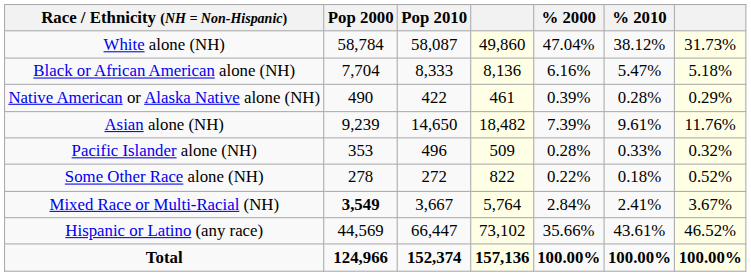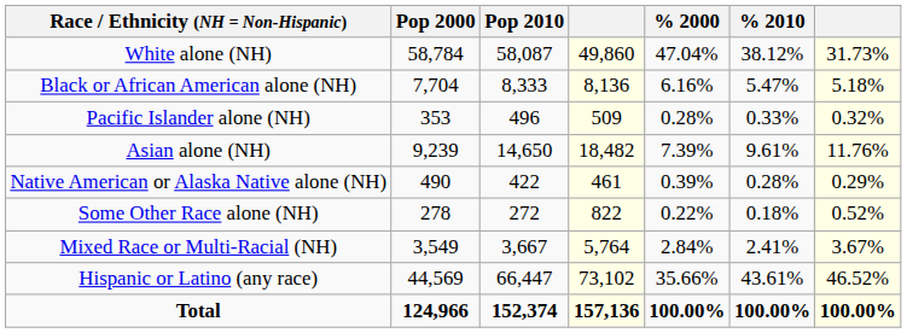 <table class="wikitable" style="text-align:center;">
 <tr>
 <th>Race / Ethnicity <small>(<em>NH = Non-Hispanic</em>)</small></th>
 <th>Pop 2000</th>
 <th>Pop 2010</th>
 <th></th>
 <th>% 2000</th>
 <th>% 2010</th>
 <th></th>
 </tr>
 <tr>
 <td><a href='#'>White</a> alone (NH)</td>
 <td>58,784</td>
 <td>58,087</td>
 <td style='background: #ffffe6;'>49,860</td>
 <td>47.04%</td>
 <td>38.12%</td>
 <td style='background: #ffffe6;'>31.73%</td>
 </tr>
 <tr>
 <td><a href='#'>Black or African American</a> alone (NH)</td>
 <td>7,704</td>
 <td>8,333</td>
 <td style='background: #ffffe6;'>8,136</td>
 <td>6.16%</td>
 <td>5.47%</td>
 <td style='background: #ffffe6;'>5.18%</td>
 </tr>
 <tr>
-<td><a href='#'>Native American</a> or <a href='#'>Alaska Native</a> alone (NH)</td>
-<td>490</td>
-<td>422</td>
-<td style='background: #ffffe6;'>461</td>
-<td>0.39%</td>
+<td><a href='#'>Pacific Islander</a> alone (NH)</td>
+<td>353</td>
+<td>496</td>
+<td style='background: #ffffe6;'>509</td>
 <td>0.28%</td>
-<td style='background: #ffffe6;'>0.29%</td>
+<td>0.33%</td>
+<td style='background: #ffffe6;'>0.32%</td>
 </tr>
 <tr>
 <td><a href='#'>Asian</a> alone (NH)</td>
 <td>9,239</td>
 <td>14,650</td>
 <td style='background: #ffffe6;'>18,482</td>
 <td>7.39%</td>
 <td>9.61%</td>
 <td style='background: #ffffe6;'>11.76%</td>
 </tr>
 <tr>
-<td><a href='#'>Pacific Islander</a> alone (NH)</td>
-<td>353</td>
-<td>496</td>
-<td style='background: #ffffe6;'>509</td>
+<td><a href='#'>Native American</a> or <a href='#'>Alaska Native</a> alone (NH)</td>
+<td>490</td>
+<td>422</td>
+<td style='background: #ffffe6;'>461</td>
+<td>0.39%</td>
 <td>0.28%</td>
-<td>0.33%</td>
-<td style='background: #ffffe6;'>0.32%</td>
+<td style='background: #ffffe6;'>0.29%</td>
 </tr>
 <tr>
 <td><a href='#'>Some Other Race</a> alone (NH)</td>
 <td>278</td>
 <td>272</td>
 <td style='background: #ffffe6;'>822</td>
 <td>0.22%</td>
 <td>0.18%</td>
 <td style='background: #ffffe6;'>0.52%</td>
 </tr>
 <tr>
 <td><a href='#'>Mixed Race or Multi-Racial</a> (NH)</td>
-<td><strong>3,549</strong></td>
+<td>3,549</td>
 <td>3,667</td>
 <td style='background: #ffffe6;'>5,764</td>
 <td>2.84%</td>
 <td>2.41%</td>
 <td style='background: #ffffe6;'>3.67%</td>
 </tr>
 <tr>
 <td><a href='#'>Hispanic or Latino</a> (any race)</td>
 <td>44,569</td>
 <td>66,447</td>
 <td style='background: #ffffe6;'>73,102</td>
 <td>35.66%</td>
 <td>43.61%</td>
 <td style='background: #ffffe6;'>46.52%</td>
 </tr>
 <tr>
 <td><strong>Total</strong></td>
 <td><strong>124,966</strong></td>
 <td><strong>152,374</strong></td>
 <td style='background: #ffffe6;'><strong>157,136</strong></td>
 <td><strong>100.00%</strong></td>
 <td><strong>100.00%</strong></td>
 <td style='background: #ffffe6;'><strong>100.00%</strong></td>
 </tr>
 </table>
